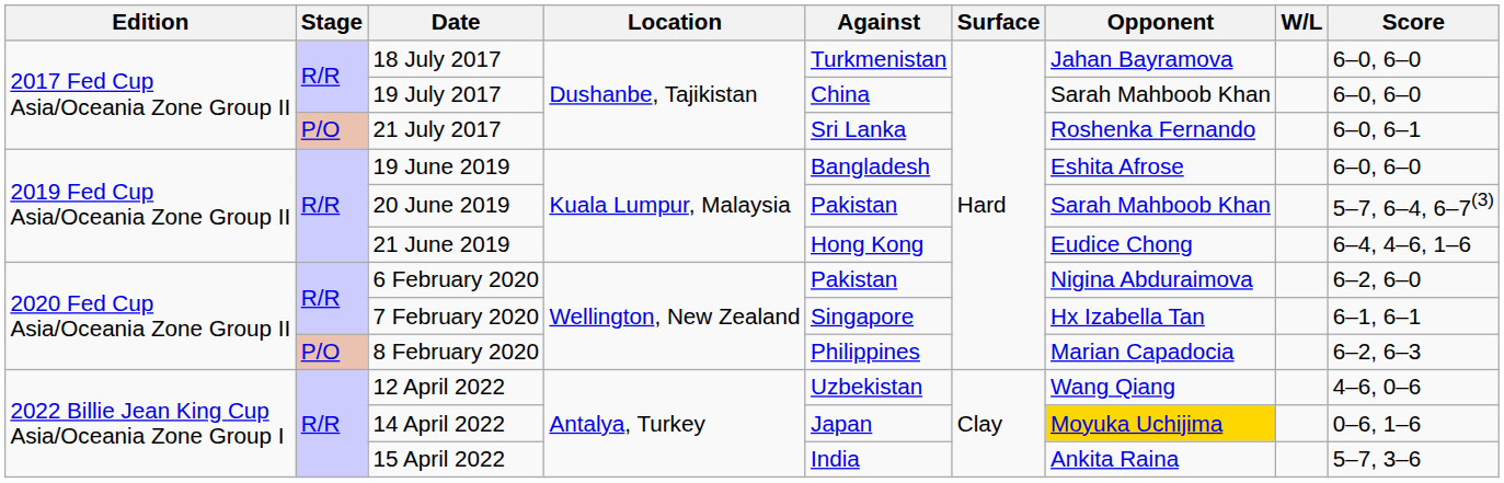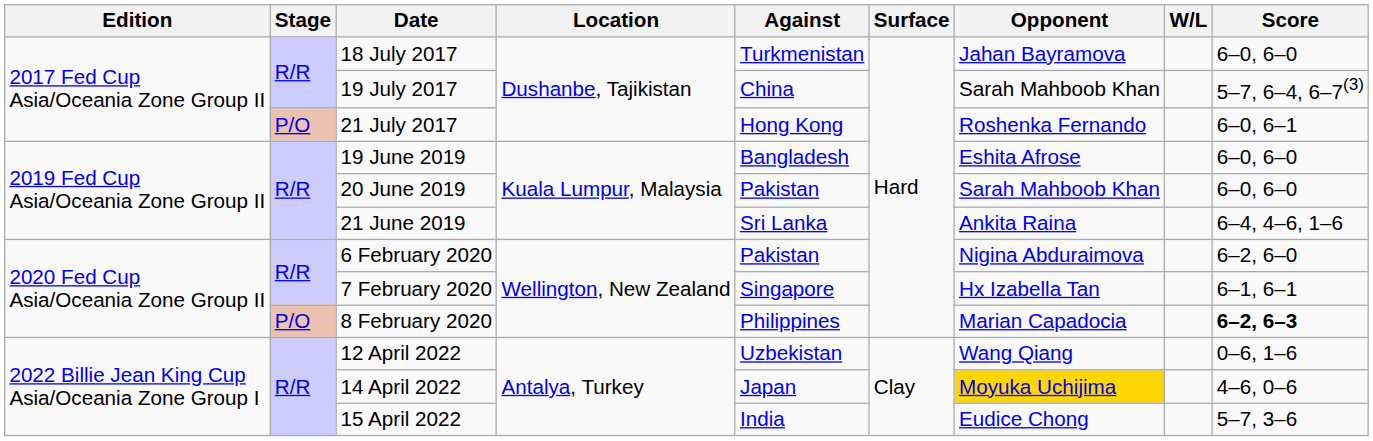 <table class=wikitable>
 <tr>
 <th>Edition</th>
 <th>Stage</th>
 <th>Date</th>
 <th>Location</th>
 <th>Against</th>
 <th>Surface</th>
 <th>Opponent</th>
 <th>W/L</th>
 <th>Score</th>
 </tr>
 <tr>
 <td rowspan="3"><a href='#'>2017 Fed Cup</a> <br> Asia/Oceania Zone Group II</td>
 <td style="background:#ccf;" rowspan="2"><a href='#'>R/R</a></td>
 <td>18 July 2017</td>
 <td rowspan="3"><a href='#'>Dushanbe</a>, Tajikistan</td>
 <td> <a href='#'>Turkmenistan</a></td>
 <td rowspan="9">Hard</td>
 <td> <a href='#'>Jahan Bayramova</a></td>
 <td></td>
 <td>6–0, 6–0</td>
 </tr>
 <tr>
 <td>19 July 2017</td>
 <td> <a href='#'>China</a></td>
 <td> Sarah Mahboob Khan</td>
 <td></td>
-<td>6–0, 6–0</td>
+<td>5–7, 6–4, 6–7<sup>(3)</sup></td>
 </tr>
 <tr>
 <td style="background:#ebc2af;"><a href='#'>P/O</a></td>
 <td>21 July 2017</td>
-<td> <a href='#'>Sri Lanka</a></td>
+<td> <a href='#'>Hong Kong</a></td>
 <td> <a href='#'>Roshenka Fernando</a></td>
 <td></td>
 <td>6–0, 6–1</td>
 </tr>
 <tr>
 <td rowspan="3"><a href='#'>2019 Fed Cup</a> <br> Asia/Oceania Zone Group II</td>
 <td style="background:#ccf;" rowspan="3"><a href='#'>R/R</a></td>
 <td>19 June 2019</td>
 <td rowspan="3"><a href='#'>Kuala Lumpur</a>, Malaysia</td>
 <td> <a href='#'>Bangladesh</a></td>
 <td> <a href='#'>Eshita Afrose</a></td>
 <td></td>
 <td>6–0, 6–0</td>
 </tr>
 <tr>
 <td>20 June 2019</td>
 <td> <a href='#'>Pakistan</a></td>
 <td> <a href='#'>Sarah Mahboob Khan</a></td>
 <td></td>
-<td>5–7, 6–4, 6–7<sup>(3)</sup></td>
+<td>6–0, 6–0</td>
 </tr>
 <tr>
 <td>21 June 2019</td>
-<td> <a href='#'>Hong Kong</a></td>
-<td> <a href='#'>Eudice Chong</a></td>
+<td> <a href='#'>Sri Lanka</a></td>
+<td> <a href='#'>Ankita Raina</a></td>
 <td></td>
 <td>6–4, 4–6, 1–6</td>
 </tr>
 <tr>
 <td rowspan="3"><a href='#'>2020 Fed Cup</a> <br> Asia/Oceania Zone Group II</td>
 <td style="background:#ccf;" rowspan="2"><a href='#'>R/R</a></td>
 <td>6 February 2020</td>
 <td rowspan="3"><a href='#'>Wellington</a>, New Zealand</td>
 <td> <a href='#'>Pakistan</a></td>
 <td> <a href='#'>Nigina Abduraimova</a></td>
 <td></td>
 <td>6–2, 6–0</td>
 </tr>
 <tr>
 <td>7 February 2020</td>
 <td> <a href='#'>Singapore</a></td>
 <td> <a href='#'>Hx Izabella Tan</a></td>
 <td></td>
 <td>6–1, 6–1</td>
 </tr>
 <tr>
 <td style="background:#ebc2af;"><a href='#'>P/O</a></td>
 <td>8 February 2020</td>
 <td> <a href='#'>Philippines</a></td>
 <td> <a href='#'>Marian Capadocia</a></td>
 <td></td>
-<td>6–2, 6–3</td>
+<td><strong>6–2, 6–3</strong></td>
 </tr>
 <tr>
 <td rowspan="3"><a href='#'>2022 Billie Jean King Cup</a> <br> Asia/Oceania Zone Group I</td>
 <td style="background:#ccf;" rowspan="3"><a href='#'>R/R</a></td>
 <td>12 April 2022</td>
 <td rowspan="3"><a href='#'>Antalya</a>, Turkey</td>
 <td> <a href='#'>Uzbekistan</a></td>
 <td rowspan="5">Clay</td>
 <td> <a href='#'>Wang Qiang</a></td>
 <td></td>
-<td>4–6, 0–6</td>
+<td>0–6, 1–6</td>
 </tr>
 <tr>
 <td>14 April 2022</td>
 <td> <a href='#'>Japan</a></td>
 <td style="background: gold;"> <a href='#'>Moyuka Uchijima</a></td>
 <td></td>
-<td>0–6, 1–6</td>
+<td>4–6, 0–6</td>
 </tr>
 <tr>
 <td>15 April 2022</td>
 <td> <a href='#'>India</a></td>
-<td> <a href='#'>Ankita Raina</a></td>
+<td> <a href='#'>Eudice Chong</a></td>
 <td></td>
 <td>5–7, 3–6</td>
 </tr>
 </table>
